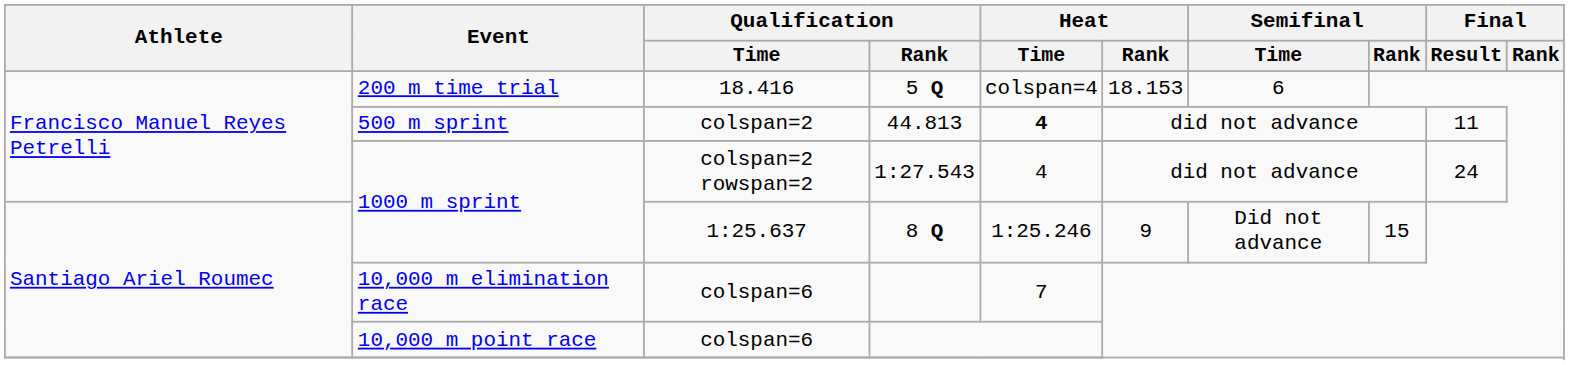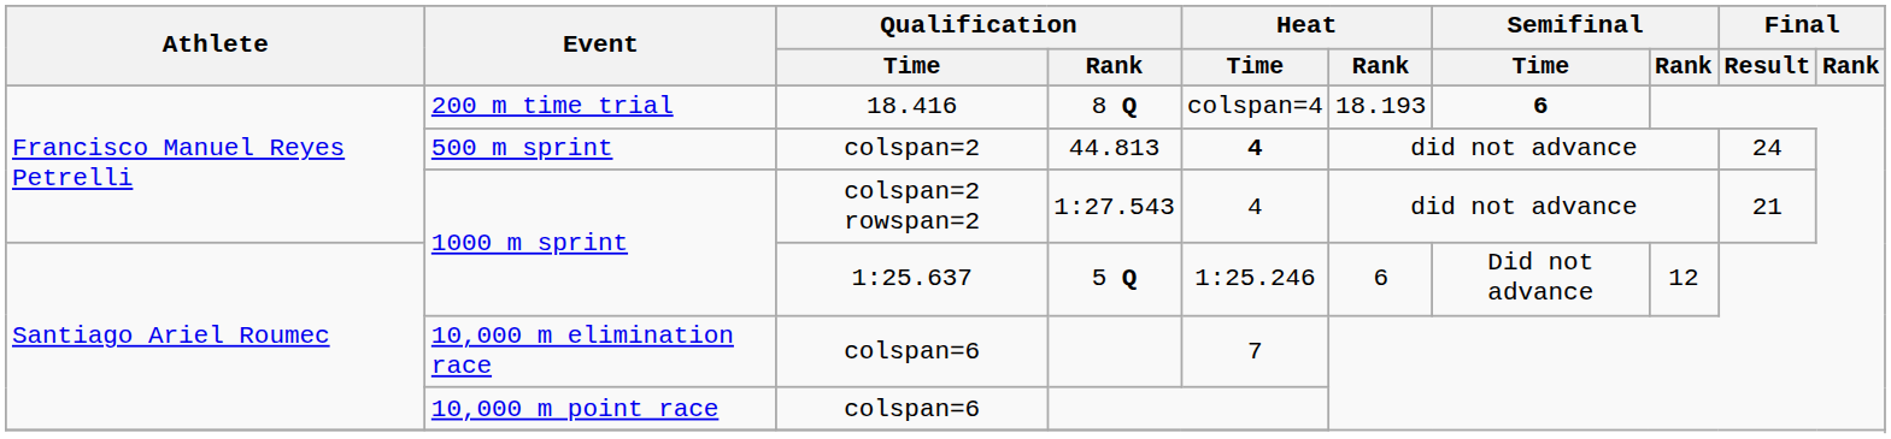 <table class=wikitable style=font-size:90%;text-align:center>
 <tr>
 <th rowspan=2>Athlete</th>
 <th rowspan=2>Event</th>
 <th colspan=2>Qualification</th>
 <th colspan=2>Heat</th>
 <th colspan=2>Semifinal</th>
 <th colspan=2>Final</th>
 </tr>
 <tr style=font-size:95%>
 <th>Time</th>
 <th>Rank</th>
 <th>Time</th>
 <th>Rank</th>
 <th>Time</th>
 <th>Rank</th>
 <th>Result</th>
 <th>Rank</th>
 </tr>
 <tr>
 <td align=left rowspan=3><a href='#'>Francisco Manuel Reyes Petrelli</a></td>
 <td align=left><a href='#'>200 m time trial</a></td>
 <td>18.416</td>
-<td>5 <strong>Q</strong></td>
+<td>8 <strong>Q</strong></td>
 <td>colspan=4 </td>
-<td>18.153</td>
-<td>6</td>
+<td>18.193</td>
+<td><strong>6</strong></td>
 </tr>
 <tr>
 <td align=left><a href='#'>500 m sprint</a></td>
 <td>colspan=2 </td>
 <td>44.813</td>
 <td><strong>4</strong></td>
 <td colspan=3>did not advance</td>
-<td>11</td>
+<td>24</td>
 </tr>
 <tr>
 <td align=left rowspan=2><a href='#'>1000 m sprint</a></td>
 <td>colspan=2 rowspan=2 </td>
 <td>1:27.543</td>
 <td>4</td>
 <td colspan=3>did not advance</td>
-<td>24</td>
+<td>21</td>
 </tr>
 <tr>
 <td align=left rowspan=3><a href='#'>Santiago Ariel Roumec</a></td>
 <td>1:25.637</td>
-<td>8 <strong>Q</strong></td>
+<td>5 <strong>Q</strong></td>
 <td>1:25.246</td>
-<td>9</td>
+<td>6</td>
 <td>Did not advance</td>
-<td>15</td>
+<td>12</td>
 </tr>
 <tr>
 <td align=left><a href='#'>10,000 m elimination race</a></td>
 <td>colspan=6 </td>
 <td></td>
 <td>7</td>
 </tr>
 <tr>
 <td align=left><a href='#'>10,000 m point race</a></td>
 <td>colspan=6 </td>
 <td colspan=2></td>
 </tr>
 <tr>
 </tr>
 </table>
